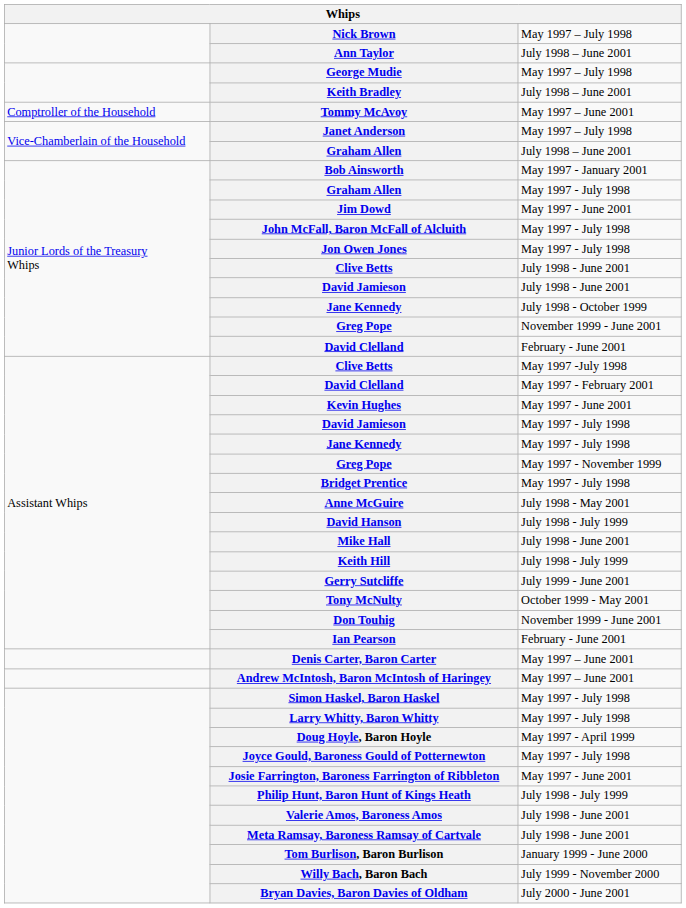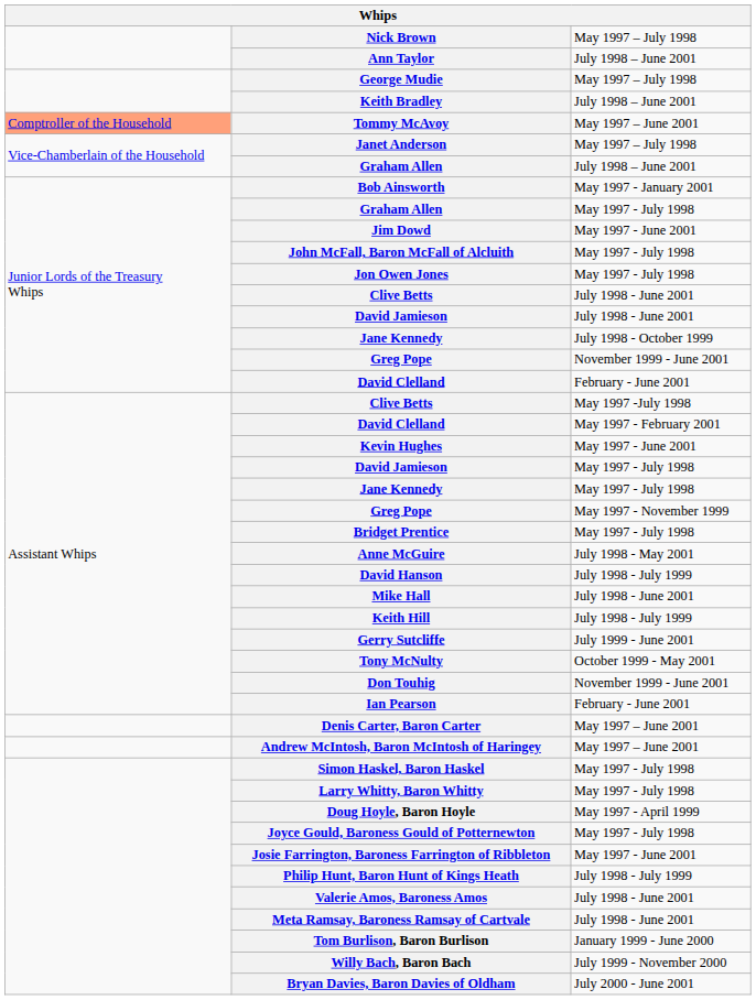 <table class="wikitable plainrowheaders" width=100% style="max-width:55em;">
 <tr>
 <th colspan=4>Whips</th>
 </tr>
 <tr>
 <td rowspan="2"></td>
 <th scope="row" style="font-weight:bold;"><a href='#'>Nick Brown</a></th>
 <td>May 1997 – July 1998</td>
 </tr>
 <tr>
 <th scope="row" style="font-weight:bold;"><a href='#'>Ann Taylor</a></th>
 <td>July 1998 – June 2001</td>
 </tr>
 <tr>
 <td rowspan="2"></td>
 <th scope="row"><a href='#'>George Mudie</a></th>
 <td>May 1997 – July 1998</td>
 </tr>
 <tr>
 <th scope="row"><a href='#'>Keith Bradley</a></th>
 <td>July 1998 – June 2001</td>
 </tr>
 <tr>
-<td><a href='#'>Comptroller of the Household</a></td>
+<td style="background: lightsalmon;"><a href='#'>Comptroller of the Household</a></td>
 <th scope="row"><a href='#'>Tommy McAvoy</a></th>
 <td>May 1997 – June 2001</td>
 </tr>
 <tr>
 <td rowspan="2"><a href='#'>Vice-Chamberlain of the Household</a></td>
 <th scope="row"><a href='#'>Janet Anderson</a></th>
 <td>May 1997 – July 1998</td>
 </tr>
 <tr>
 <th scope="row"><a href='#'>Graham Allen</a></th>
 <td>July 1998 – June 2001</td>
 </tr>
 <tr>
 <td rowspan="10"><a href='#'>Junior Lords of the Treasury</a><br> Whips</td>
 <th scope="row"><a href='#'>Bob Ainsworth</a></th>
 <td>May 1997 - January 2001</td>
 </tr>
 <tr>
 <th scope="row"><a href='#'>Graham Allen</a></th>
 <td>May 1997 - July 1998</td>
 </tr>
 <tr>
 <th scope="row"><a href='#'>Jim Dowd</a></th>
 <td>May 1997 - June 2001</td>
 </tr>
 <tr>
 <th scope="row"><a href='#'>John McFall, Baron McFall of Alcluith</a></th>
 <td>May 1997 - July 1998</td>
 </tr>
 <tr>
 <th scope="row"><a href='#'>Jon Owen Jones</a></th>
 <td>May 1997 - July 1998</td>
 </tr>
 <tr>
 <th scope="row"><a href='#'>Clive Betts</a></th>
 <td>July 1998 - June 2001</td>
 </tr>
 <tr>
 <th scope="row"><a href='#'>David Jamieson</a></th>
 <td>July 1998 - June 2001</td>
 </tr>
 <tr>
 <th scope="row"><a href='#'>Jane Kennedy</a></th>
 <td>July 1998 - October 1999</td>
 </tr>
 <tr>
 <th scope="row"><a href='#'>Greg Pope</a></th>
 <td>November 1999 - June 2001</td>
 </tr>
 <tr>
 <th scope="row"><a href='#'>David Clelland</a></th>
 <td>February - June 2001</td>
 </tr>
 <tr>
 <td rowspan="15">Assistant Whips</td>
 <th scope="row"><a href='#'>Clive Betts</a></th>
 <td>May 1997 -July 1998</td>
 </tr>
 <tr>
 <th scope="row"><a href='#'>David Clelland</a></th>
 <td>May 1997 - February 2001</td>
 </tr>
 <tr>
 <th scope="row"><a href='#'>Kevin Hughes</a></th>
 <td>May 1997 - June 2001</td>
 </tr>
 <tr>
 <th scope="row"><a href='#'>David Jamieson</a></th>
 <td>May 1997 - July 1998</td>
 </tr>
 <tr>
 <th scope="row"><a href='#'>Jane Kennedy</a></th>
 <td>May 1997 - July 1998</td>
 </tr>
 <tr>
 <th scope="row"><a href='#'>Greg Pope</a></th>
 <td>May 1997 - November 1999</td>
 </tr>
 <tr>
 <th scope="row"><a href='#'>Bridget Prentice</a></th>
 <td>May 1997 - July 1998</td>
 </tr>
 <tr>
 <th scope="row"><a href='#'>Anne McGuire</a></th>
 <td>July 1998 - May 2001</td>
 </tr>
 <tr>
 <th scope="row"><a href='#'>David Hanson</a></th>
 <td>July 1998 - July 1999</td>
 </tr>
 <tr>
 <th scope="row"><a href='#'>Mike Hall</a></th>
 <td>July 1998 - June 2001</td>
 </tr>
 <tr>
 <th scope="row"><a href='#'>Keith Hill</a></th>
 <td>July 1998 - July 1999</td>
 </tr>
 <tr>
 <th scope="row"><a href='#'>Gerry Sutcliffe</a></th>
 <td>July 1999 - June 2001</td>
 </tr>
 <tr>
 <th scope="row"><a href='#'>Tony McNulty</a></th>
 <td>October 1999 - May 2001</td>
 </tr>
 <tr>
 <th scope="row"><a href='#'>Don Touhig</a></th>
 <td>November 1999 - June 2001</td>
 </tr>
 <tr>
 <th scope="row"><a href='#'>Ian Pearson</a></th>
 <td>February - June 2001</td>
 </tr>
 <tr>
 <td></td>
 <th scope="row"><a href='#'>Denis Carter, Baron Carter</a></th>
 <td>May 1997 – June 2001</td>
 </tr>
 <tr>
 <td></td>
 <th scope="row"><a href='#'>Andrew McIntosh, Baron McIntosh of Haringey</a></th>
 <td>May 1997 – June 2001</td>
 </tr>
 <tr>
 <td rowspan="11"></td>
 <th scope="row"><a href='#'>Simon Haskel, Baron Haskel</a></th>
 <td>May 1997 - July 1998</td>
 </tr>
 <tr>
 <th scope="row"><a href='#'>Larry Whitty, Baron Whitty</a></th>
 <td>May 1997 - July 1998</td>
 </tr>
 <tr>
 <th scope="row"><a href='#'>Doug Hoyle</a>, Baron Hoyle</th>
 <td>May 1997 - April 1999</td>
 </tr>
 <tr>
 <th scope="row"><a href='#'>Joyce Gould, Baroness Gould of Potternewton</a></th>
 <td>May 1997 - July 1998</td>
 </tr>
 <tr>
 <th scope="row"><a href='#'>Josie Farrington, Baroness Farrington of Ribbleton</a></th>
 <td>May 1997 - June 2001</td>
 </tr>
 <tr>
 <th scope="row"><a href='#'>Philip Hunt, Baron Hunt of Kings Heath</a></th>
 <td>July 1998 - July 1999</td>
 </tr>
 <tr>
 <th scope="row"><a href='#'>Valerie Amos, Baroness Amos</a></th>
 <td>July 1998 - June 2001</td>
 </tr>
 <tr>
 <th scope="row"><a href='#'>Meta Ramsay, Baroness Ramsay of Cartvale</a></th>
 <td>July 1998 - June 2001</td>
 </tr>
 <tr>
 <th scope="row"><a href='#'>Tom Burlison</a>, Baron Burlison</th>
 <td>January 1999 - June 2000</td>
 </tr>
 <tr>
 <th scope="row"><a href='#'>Willy Bach</a>, Baron Bach</th>
 <td>July 1999 - November 2000</td>
 </tr>
 <tr>
 <th scope="row"><a href='#'>Bryan Davies, Baron Davies of Oldham</a></th>
 <td>July 2000 - June 2001</td>
 </tr>
 </table>
